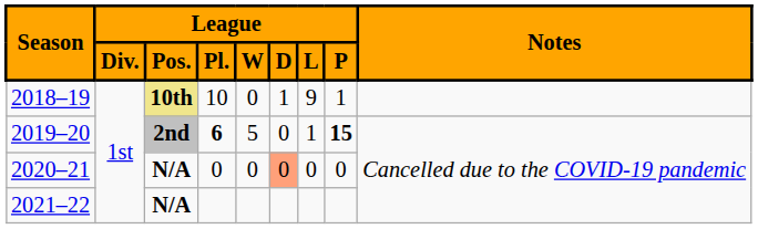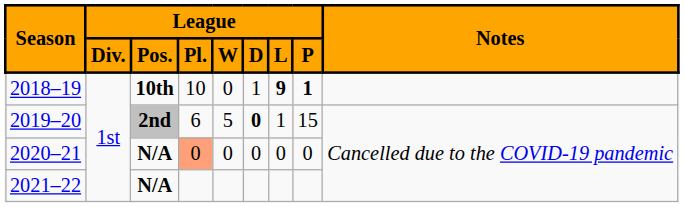 <table class="wikitable" style="text-align:center;">
 <tr style="background:#FDFD07;">
 <th rowspan="2" ! style="background:#FFA500;  border:2px solid #000;" scope="col">Season</th>
 <th colspan="7" ! style="background:#FFA500;  border:2px solid #000;" scope="col">League</th>
 <th rowspan="2" ! style="background:#FFA500;  border:2px solid #000;" scope="col">Notes</th>
 </tr>
 <tr>
 <th style="background:#FFA500; border:2px solid #000;" scope="col">Div.</th>
 <th style="background:#FFA500; border:2px solid #000;" scope="col">Pos.</th>
 <th style="background:#FFA500; border:2px solid #000;" scope="col">Pl.</th>
 <th style="background:#FFA500; border:2px solid #000;" scope="col">W</th>
 <th style="background:#FFA500; border:2px solid #000;" scope="col">D</th>
 <th style="background:#FFA500; border:2px solid #000;" scope="col">L</th>
 <th style="background:#FFA500; border:2px solid #000;" scope="col">P</th>
 </tr>
 <tr>
 <td><a href='#'>2018–19</a></td>
 <td rowspan="4"><a href='#'>1st</a></td>
-<td style="background: khaki;"><strong>10th</strong></td>
+<td><strong>10th</strong></td>
 <td>10</td>
 <td>0</td>
 <td>1</td>
-<td>9</td>
-<td>1</td>
+<td><strong>9</strong></td>
+<td><strong>1</strong></td>
 <td></td>
 </tr>
 <tr>
 <td><a href='#'>2019–20</a></td>
 <td style="background:silver;"><strong>2nd</strong></td>
-<td><strong>6</strong></td>
+<td>6</td>
 <td>5</td>
-<td>0</td>
+<td><strong>0</strong></td>
 <td>1</td>
-<td><strong>15</strong></td>
+<td>15</td>
 <td rowspan="3"><em>Cancelled due to the <a href='#'>COVID-19 pandemic</a></em></td>
 </tr>
 <tr>
 <td><a href='#'>2020–21</a></td>
 <td><strong>N/A</strong></td>
+<td style="background: lightsalmon;">0</td>
 <td>0</td>
 <td>0</td>
-<td style="background: lightsalmon;">0</td>
 <td>0</td>
 <td>0</td>
 </tr>
 <tr>
 <td><a href='#'>2021–22</a></td>
 <td><strong>N/A</strong></td>
 <td></td>
 <td></td>
 <td></td>
 <td></td>
 <td></td>
 </tr>
 </table>
